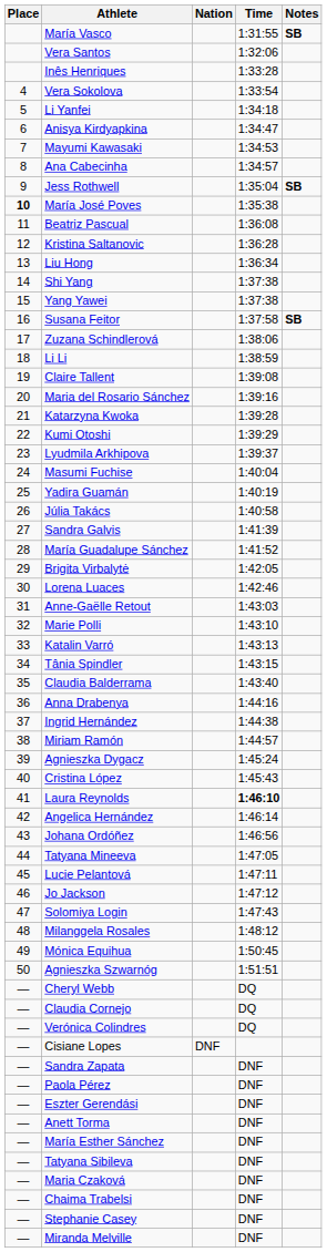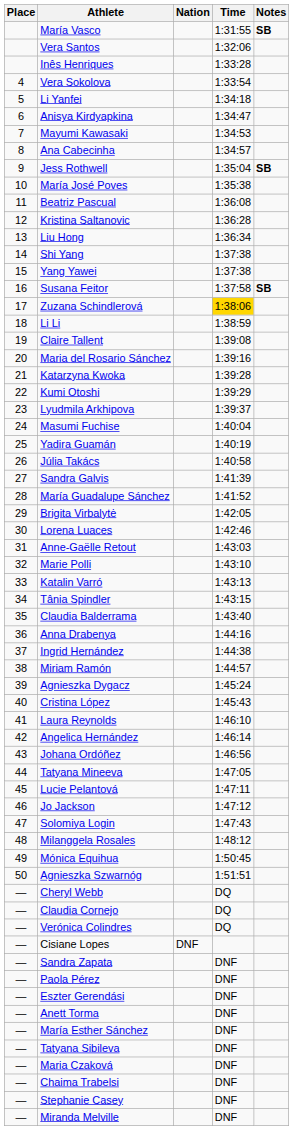 <table class=wikitable>
 <tr>
 <th>Place</th>
 <th>Athlete</th>
 <th>Nation</th>
 <th>Time</th>
 <th>Notes</th>
 </tr>
 <tr>
 <td align=center></td>
 <td><a href='#'>María Vasco</a></td>
 <td></td>
 <td>1:31:55</td>
 <td><strong>SB</strong></td>
 </tr>
 <tr>
 <td align=center></td>
 <td><a href='#'>Vera Santos</a></td>
 <td></td>
 <td>1:32:06</td>
 <td> </td>
 </tr>
 <tr>
 <td align=center></td>
 <td><a href='#'>Inês Henriques</a></td>
 <td></td>
 <td>1:33:28</td>
 <td> </td>
 </tr>
 <tr>
 <td align=center>4</td>
 <td><a href='#'>Vera Sokolova</a></td>
 <td></td>
 <td>1:33:54</td>
 <td> </td>
 </tr>
 <tr>
 <td align=center>5</td>
 <td><a href='#'>Li Yanfei</a></td>
 <td></td>
 <td>1:34:18</td>
 <td> </td>
 </tr>
 <tr>
 <td align=center>6</td>
 <td><a href='#'>Anisya Kirdyapkina</a></td>
 <td></td>
 <td>1:34:47</td>
 <td> </td>
 </tr>
 <tr>
 <td align=center>7</td>
 <td><a href='#'>Mayumi Kawasaki</a></td>
 <td></td>
 <td>1:34:53</td>
 <td> </td>
 </tr>
 <tr>
 <td align=center>8</td>
 <td><a href='#'>Ana Cabecinha</a></td>
 <td></td>
 <td>1:34:57</td>
 <td> </td>
 </tr>
 <tr>
 <td align=center>9</td>
 <td><a href='#'>Jess Rothwell</a></td>
 <td></td>
 <td>1:35:04</td>
 <td><strong>SB</strong></td>
 </tr>
 <tr>
-<td align=center><strong>10</strong></td>
+<td align=center>10</td>
 <td><a href='#'>María José Poves</a></td>
 <td></td>
 <td>1:35:38</td>
 <td> </td>
 </tr>
 <tr>
 <td align=center>11</td>
 <td><a href='#'>Beatriz Pascual</a></td>
 <td></td>
 <td>1:36:08</td>
 <td> </td>
 </tr>
 <tr>
 <td align=center>12</td>
 <td><a href='#'>Kristina Saltanovic</a></td>
 <td></td>
 <td>1:36:28</td>
 <td> </td>
 </tr>
 <tr>
 <td align=center>13</td>
 <td><a href='#'>Liu Hong</a></td>
 <td></td>
 <td>1:36:34</td>
 <td> </td>
 </tr>
 <tr>
 <td align=center>14</td>
 <td><a href='#'>Shi Yang</a></td>
 <td></td>
 <td>1:37:38</td>
 <td> </td>
 </tr>
 <tr>
 <td align=center>15</td>
 <td><a href='#'>Yang Yawei</a></td>
 <td></td>
 <td>1:37:38</td>
 <td> </td>
 </tr>
 <tr>
 <td align=center>16</td>
 <td><a href='#'>Susana Feitor</a></td>
 <td></td>
 <td>1:37:58</td>
 <td><strong>SB</strong></td>
 </tr>
 <tr>
 <td align=center>17</td>
 <td><a href='#'>Zuzana Schindlerová</a></td>
 <td></td>
-<td>1:38:06</td>
+<td style="background: gold;">1:38:06</td>
 <td> </td>
 </tr>
 <tr>
 <td align=center>18</td>
 <td><a href='#'>Li Li</a></td>
 <td></td>
 <td>1:38:59</td>
 <td> </td>
 </tr>
 <tr>
 <td align=center>19</td>
 <td><a href='#'>Claire Tallent</a></td>
 <td></td>
 <td>1:39:08</td>
 <td> </td>
 </tr>
 <tr>
 <td align=center>20</td>
 <td><a href='#'>Maria del Rosario Sánchez</a></td>
 <td></td>
 <td>1:39:16</td>
 <td> </td>
 </tr>
 <tr>
 <td align=center>21</td>
 <td><a href='#'>Katarzyna Kwoka</a></td>
 <td></td>
 <td>1:39:28</td>
 <td></td>
 </tr>
 <tr>
 <td align=center>22</td>
 <td><a href='#'>Kumi Otoshi</a></td>
 <td></td>
 <td>1:39:29</td>
 <td></td>
 </tr>
 <tr>
 <td align=center>23</td>
 <td><a href='#'>Lyudmila Arkhipova</a></td>
 <td></td>
 <td>1:39:37</td>
 <td></td>
 </tr>
 <tr>
 <td align=center>24</td>
 <td><a href='#'>Masumi Fuchise</a></td>
 <td></td>
 <td>1:40:04</td>
 <td></td>
 </tr>
 <tr>
 <td align=center>25</td>
 <td><a href='#'>Yadira Guamán</a></td>
 <td></td>
 <td>1:40:19</td>
 <td></td>
 </tr>
 <tr>
 <td align=center>26</td>
 <td><a href='#'>Júlia Takács</a></td>
 <td></td>
 <td>1:40:58</td>
 <td></td>
 </tr>
 <tr>
 <td align=center>27</td>
 <td><a href='#'>Sandra Galvis</a></td>
 <td></td>
 <td>1:41:39</td>
 <td></td>
 </tr>
 <tr>
 <td align=center>28</td>
 <td><a href='#'>María Guadalupe Sánchez</a></td>
 <td></td>
 <td>1:41:52</td>
 <td></td>
 </tr>
 <tr>
 <td align=center>29</td>
 <td><a href='#'>Brigita Virbalytė</a></td>
 <td></td>
 <td>1:42:05</td>
 <td></td>
 </tr>
 <tr>
 <td align=center>30</td>
 <td><a href='#'>Lorena Luaces</a></td>
 <td></td>
 <td>1:42:46</td>
 <td></td>
 </tr>
 <tr>
 <td align=center>31</td>
 <td><a href='#'>Anne-Gaëlle Retout</a></td>
 <td></td>
 <td>1:43:03</td>
 <td></td>
 </tr>
 <tr>
 <td align=center>32</td>
 <td><a href='#'>Marie Polli</a></td>
 <td></td>
 <td>1:43:10</td>
 <td></td>
 </tr>
 <tr>
 <td align=center>33</td>
 <td><a href='#'>Katalin Varró</a></td>
 <td></td>
 <td>1:43:13</td>
 <td></td>
 </tr>
 <tr>
 <td align=center>34</td>
 <td><a href='#'>Tânia Spindler</a></td>
 <td></td>
 <td>1:43:15</td>
 <td></td>
 </tr>
 <tr>
 <td align=center>35</td>
 <td><a href='#'>Claudia Balderrama</a></td>
 <td></td>
 <td>1:43:40</td>
 <td></td>
 </tr>
 <tr>
 <td align=center>36</td>
 <td><a href='#'>Anna Drabenya</a></td>
 <td></td>
 <td>1:44:16</td>
 <td></td>
 </tr>
 <tr>
 <td align=center>37</td>
 <td><a href='#'>Ingrid Hernández</a></td>
 <td></td>
 <td>1:44:38</td>
 <td></td>
 </tr>
 <tr>
 <td align=center>38</td>
 <td><a href='#'>Miriam Ramón</a></td>
 <td></td>
 <td>1:44:57</td>
 <td></td>
 </tr>
 <tr>
 <td align=center>39</td>
 <td><a href='#'>Agnieszka Dygacz</a></td>
 <td></td>
 <td>1:45:24</td>
 <td></td>
 </tr>
 <tr>
 <td align=center>40</td>
 <td><a href='#'>Cristina López</a></td>
 <td></td>
 <td>1:45:43</td>
 <td></td>
 </tr>
 <tr>
 <td align=center>41</td>
 <td><a href='#'>Laura Reynolds</a></td>
 <td></td>
-<td><strong>1:46:10</strong></td>
+<td>1:46:10</td>
 <td></td>
 </tr>
 <tr>
 <td align=center>42</td>
 <td><a href='#'>Angelica Hernández</a></td>
 <td></td>
 <td>1:46:14</td>
 <td></td>
 </tr>
 <tr>
 <td align=center>43</td>
 <td><a href='#'>Johana Ordóñez</a></td>
 <td></td>
 <td>1:46:56</td>
 <td></td>
 </tr>
 <tr>
 <td align=center>44</td>
 <td><a href='#'>Tatyana Mineeva</a></td>
 <td></td>
 <td>1:47:05</td>
 <td></td>
 </tr>
 <tr>
 <td align=center>45</td>
 <td><a href='#'>Lucie Pelantová</a></td>
 <td></td>
 <td>1:47:11</td>
 <td></td>
 </tr>
 <tr>
 <td align=center>46</td>
 <td><a href='#'>Jo Jackson</a></td>
 <td></td>
 <td>1:47:12</td>
 <td></td>
 </tr>
 <tr>
 <td align=center>47</td>
 <td><a href='#'>Solomiya Login</a></td>
 <td></td>
 <td>1:47:43</td>
 <td></td>
 </tr>
 <tr>
 <td align=center>48</td>
 <td><a href='#'>Milanggela Rosales</a></td>
 <td></td>
 <td>1:48:12</td>
 <td></td>
 </tr>
 <tr>
 <td align=center>49</td>
 <td><a href='#'>Mónica Equihua</a></td>
 <td></td>
 <td>1:50:45</td>
 <td></td>
 </tr>
 <tr>
 <td align=center>50</td>
 <td><a href='#'>Agnieszka Szwarnóg</a></td>
 <td></td>
 <td>1:51:51</td>
 <td></td>
 </tr>
 <tr>
 <td align=center>—</td>
 <td><a href='#'>Cheryl Webb</a></td>
 <td></td>
 <td>DQ</td>
 <td></td>
 </tr>
 <tr>
 <td align=center>—</td>
 <td><a href='#'>Claudia Cornejo</a></td>
 <td></td>
 <td>DQ</td>
 <td></td>
 </tr>
 <tr>
 <td align=center>—</td>
 <td><a href='#'>Verónica Colindres</a></td>
 <td></td>
 <td>DQ</td>
 <td></td>
 </tr>
 <tr>
 <td align=center>—</td>
 <td>Cisiane Lopes </td>
 <td>DNF</td>
 <td></td>
 </tr>
 <tr>
 <td align=center>—</td>
 <td><a href='#'>Sandra Zapata</a></td>
 <td></td>
 <td>DNF</td>
 <td></td>
 </tr>
 <tr>
 <td align=center>—</td>
 <td><a href='#'>Paola Pérez</a></td>
 <td></td>
 <td>DNF</td>
 <td></td>
 </tr>
 <tr>
 <td align=center>—</td>
 <td><a href='#'>Eszter Gerendási</a></td>
 <td></td>
 <td>DNF</td>
 <td></td>
 </tr>
 <tr>
 <td align=center>—</td>
 <td><a href='#'>Anett Torma</a></td>
 <td></td>
 <td>DNF</td>
 <td></td>
 </tr>
 <tr>
 <td align=center>—</td>
 <td><a href='#'>María Esther Sánchez</a></td>
 <td></td>
 <td>DNF</td>
 <td></td>
 </tr>
 <tr>
 <td align=center>—</td>
 <td><a href='#'>Tatyana Sibileva</a></td>
 <td></td>
 <td>DNF</td>
 <td></td>
 </tr>
 <tr>
 <td align=center>—</td>
 <td><a href='#'>Maria Czaková</a></td>
 <td></td>
 <td>DNF</td>
 <td></td>
 </tr>
 <tr>
 <td align=center>—</td>
 <td><a href='#'>Chaima Trabelsi</a></td>
 <td></td>
 <td>DNF</td>
 <td></td>
 </tr>
 <tr>
 <td align=center>—</td>
 <td><a href='#'>Stephanie Casey</a></td>
 <td></td>
 <td>DNF</td>
 <td></td>
 </tr>
 <tr>
 <td align=center>—</td>
 <td><a href='#'>Miranda Melville</a></td>
 <td></td>
 <td>DNF</td>
 <td></td>
 </tr>
 </table>
